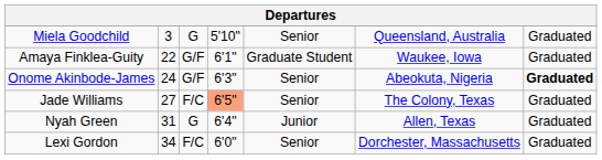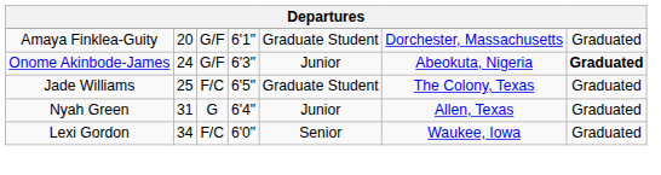 <table class="wikitable sortable" border="1" style="text-align: center;">
 <tr>
 <th colspan=7>Departures</th>
 </tr>
 <tr align=center>
 </tr>
 <tr>
-<td><a href='#'>Miela Goodchild</a></td>
-<td>3</td>
-<td>G</td>
-<td>5'10"</td>
-<td>Senior</td>
-<td><a href='#'>Queensland, Australia</a></td>
-<td>Graduated</td>
-</tr>
-<tr>
 <td>Amaya Finklea-Guity</td>
-<td>22</td>
+<td>20</td>
 <td>G/F</td>
 <td>6'1"</td>
 <td>Graduate Student</td>
-<td><a href='#'>Waukee, Iowa</a></td>
+<td><a href='#'>Dorchester, Massachusetts</a></td>
 <td>Graduated</td>
 </tr>
 <tr>
 <td><a href='#'>Onome Akinbode-James</a></td>
 <td>24</td>
 <td>G/F</td>
 <td>6'3"</td>
-<td>Senior</td>
+<td>Junior</td>
 <td><a href='#'>Abeokuta, Nigeria</a></td>
 <td><strong>Graduated</strong></td>
 </tr>
 <tr>
 <td>Jade Williams</td>
-<td>27</td>
+<td>25</td>
 <td>F/C</td>
-<td style="background: lightsalmon;">6'5"</td>
-<td>Senior</td>
+<td>6'5"</td>
+<td>Graduate Student</td>
 <td><a href='#'>The Colony, Texas</a></td>
 <td>Graduated</td>
 </tr>
 <tr>
 <td>Nyah Green</td>
 <td>31</td>
 <td>G</td>
 <td>6'4"</td>
 <td>Junior</td>
 <td><a href='#'>Allen, Texas</a></td>
 <td>Graduated</td>
 </tr>
 <tr>
 <td>Lexi Gordon</td>
 <td>34</td>
 <td>F/C</td>
 <td>6'0"</td>
 <td>Senior</td>
-<td><a href='#'>Dorchester, Massachusetts</a></td>
+<td><a href='#'>Waukee, Iowa</a></td>
 <td>Graduated</td>
 </tr>
 </table>
